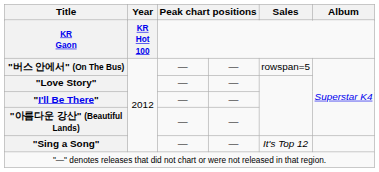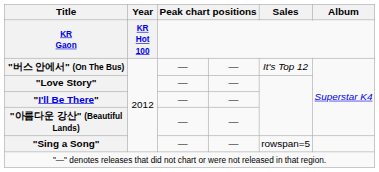 <table class="wikitable" style="text-align:center;">
 <tr>
 <th rowspan=2 style="width:12em;">Title</th>
 <th rowspan=2>Year</th>
 <th colspan="2">Peak chart positions</th>
 <th rowspan=2>Sales</th>
 <th rowspan=2>Album</th>
 </tr>
 <tr>
 </tr>
 <tr>
 <th width="40"><small><a href='#'>KR<br>Gaon</a></small><br></th>
 <th width="40"><small><a href='#'>KR<br>Hot 100</a></small><br></th>
 </tr>
 <tr>
 <th scope="row">"버스 안에서" <small>(On The Bus)</small></th>
 <td rowspan="5">2012</td>
 <td>—</td>
 <td>—</td>
-<td>rowspan=5 </td>
+<td><em>It's Top 12</em></td>
 <td rowspan="4"><em><a href='#'>Superstar K4</a></em></td>
 </tr>
 <tr>
 <th scope="row">"Love Story"</th>
 <td>—</td>
 <td>—</td>
 </tr>
 <tr>
 <th scope="row">"<a href='#'>I'll Be There</a>"</th>
 <td>—</td>
 <td>—</td>
 </tr>
 <tr>
 <th scope="row">"아름다운 강산" <small>(Beautiful Lands)</small></th>
 <td>—</td>
 <td>—</td>
 </tr>
 <tr>
 <th scope="row">"Sing a Song"</th>
 <td>—</td>
 <td>—</td>
-<td><em>It's Top 12</em></td>
+<td>rowspan=5 </td>
 </tr>
 <tr>
 <td colspan="6"><small>"—" denotes releases that did not chart or were not released in that region.</small></td>
 </tr>
 </table>
